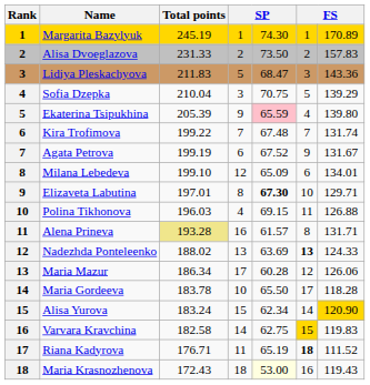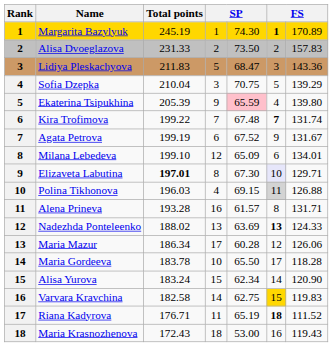 <table class="wikitable sortable">
 <tr>
 <th>Rank</th>
 <th>Name</th>
 <th>Total points</th>
 <th colspan="2" width="80px"><a href='#'>SP</a></th>
 <th colspan="2" width="80px"><a href='#'>FS</a></th>
 </tr>
 <tr bgcolor="gold">
 <td align="center"><strong>1</strong></td>
 <td><a href='#'>Margarita Bazylyuk</a></td>
 <td align="center">245.19</td>
 <td align="center">1</td>
 <td align="center">74.30</td>
-<td align="center">1</td>
+<td align="center"><strong>1</strong></td>
 <td align="center">170.89</td>
 </tr>
 <tr bgcolor="silver">
 <td align="center"><strong>2</strong></td>
 <td><a href='#'>Alisa Dvoeglazova</a></td>
 <td align="center">231.33</td>
 <td align="center">2</td>
 <td align="center">73.50</td>
 <td align="center">2</td>
 <td align="center">157.83</td>
 </tr>
 <tr bgcolor="cc9966">
 <td align="center"><strong>3</strong></td>
 <td><a href='#'>Lidiya Pleskachyova</a></td>
 <td align="center">211.83</td>
 <td align="center">5</td>
 <td align="center">68.47</td>
 <td align="center">3</td>
 <td align="center">143.36</td>
 </tr>
 <tr>
 <th>4</th>
 <td><a href='#'>Sofia Dzepka</a></td>
 <td align="center">210.04</td>
 <td align="center">3</td>
 <td align="center">70.75</td>
 <td align="center">5</td>
 <td align="center">139.29</td>
 </tr>
 <tr>
 <th>5</th>
 <td><a href='#'>Ekaterina Tsipukhina</a></td>
 <td align="center">205.39</td>
 <td align="center">9</td>
 <td align="center" style="background: pink;">65.59</td>
 <td align="center">4</td>
 <td align="center">139.80</td>
 </tr>
 <tr>
 <th>6</th>
 <td><a href='#'>Kira Trofimova</a></td>
 <td align="center">199.22</td>
 <td align="center">7</td>
 <td align="center">67.48</td>
-<td align="center">7</td>
+<td align="center"><strong>7</strong></td>
 <td align="center">131.74</td>
 </tr>
 <tr>
 <th>7</th>
 <td><a href='#'>Agata Petrova</a></td>
 <td align="center">199.19</td>
 <td align="center">6</td>
 <td align="center">67.52</td>
 <td align="center">9</td>
 <td align="center">131.67</td>
 </tr>
 <tr>
 <th>8</th>
 <td><a href='#'>Milana Lebedeva</a></td>
 <td align="center">199.10</td>
 <td align="center">12</td>
 <td align="center">65.09</td>
 <td align="center">6</td>
 <td align="center">134.01</td>
 </tr>
 <tr>
 <th>9</th>
 <td><a href='#'>Elizaveta Labutina</a></td>
-<td align="center">197.01</td>
+<td align="center"><strong>197.01</strong></td>
 <td align="center">8</td>
-<td align="center"><strong>67.30</strong></td>
-<td align="center">10</td>
+<td align="center">67.30</td>
+<td align="center" style="background: lavender;">10</td>
 <td align="center">129.71</td>
 </tr>
 <tr>
 <th>10</th>
 <td><a href='#'>Polina Tikhonova</a></td>
 <td align="center">196.03</td>
 <td align="center">4</td>
 <td align="center">69.15</td>
-<td align="center">11</td>
+<td align="center" style="background: lightgrey;">11</td>
 <td align="center">126.88</td>
 </tr>
 <tr>
 <th>11</th>
 <td><a href='#'>Alena Prineva</a></td>
-<td align="center" style="background: khaki;">193.28</td>
+<td align="center">193.28</td>
 <td align="center">16</td>
 <td align="center">61.57</td>
 <td align="center">8</td>
 <td align="center">131.71</td>
 </tr>
 <tr>
 <th>12</th>
 <td><a href='#'>Nadezhda Ponteleenko</a></td>
 <td align="center">188.02</td>
 <td align="center">13</td>
 <td align="center">63.69</td>
 <td align="center"><strong>13</strong></td>
 <td align="center">124.33</td>
 </tr>
 <tr>
 <th>13</th>
 <td><a href='#'>Maria Mazur</a></td>
 <td align="center">186.34</td>
 <td align="center">17</td>
 <td align="center">60.28</td>
 <td align="center">12</td>
 <td align="center">126.06</td>
 </tr>
 <tr>
 <th>14</th>
 <td><a href='#'>Maria Gordeeva</a></td>
 <td align="center">183.78</td>
 <td align="center">10</td>
 <td align="center">65.50</td>
 <td align="center">17</td>
 <td align="center">118.28</td>
 </tr>
 <tr>
 <th>15</th>
 <td><a href='#'>Alisa Yurova</a></td>
 <td align="center">183.24</td>
 <td align="center">15</td>
 <td align="center">62.34</td>
 <td align="center">14</td>
-<td align="center" style="background: gold;">120.90</td>
+<td align="center">120.90</td>
 </tr>
 <tr>
 <th>16</th>
 <td><a href='#'>Varvara Kravchina</a></td>
 <td align="center">182.58</td>
 <td align="center">14</td>
 <td align="center">62.75</td>
 <td align="center" style="background: gold;">15</td>
 <td align="center">119.83</td>
 </tr>
 <tr>
 <th>17</th>
 <td><a href='#'>Riana Kadyrova</a></td>
 <td align="center">176.71</td>
 <td align="center">11</td>
 <td align="center">65.19</td>
 <td align="center"><strong>18</strong></td>
 <td align="center">111.52</td>
 </tr>
 <tr>
 <th>18</th>
 <td><a href='#'>Maria Krasnozhenova</a></td>
 <td align="center">172.43</td>
 <td align="center">18</td>
-<td align="center" style="background: lightyellow;">53.00</td>
+<td align="center">53.00</td>
 <td align="center">16</td>
 <td align="center">119.43</td>
 </tr>
 </table>
